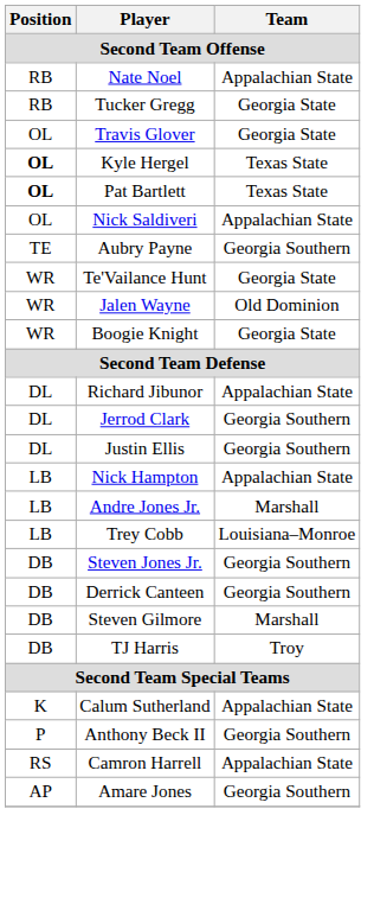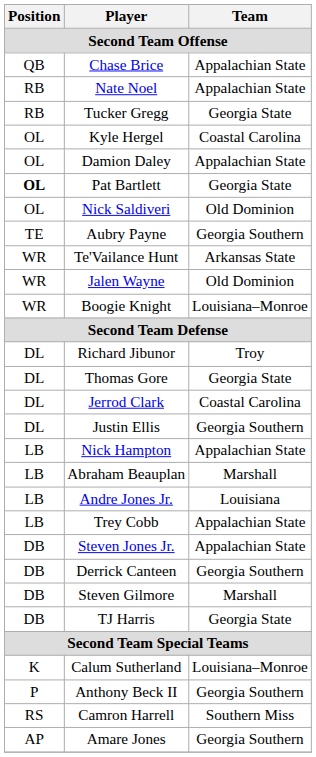 <table class="wikitable" border="0" style="text-align:center;">
 <tr>
 <th>Position</th>
 <th>Player</th>
 <th>Team</th>
 </tr>
 <tr>
 <td colspan="3" style="text-align:center; background:#ddd;"><strong>Second Team Offense </strong></td>
+</tr>
+<tr>
+<td style="background:white">QB</td>
+<td style="background:white"><a href='#'>Chase Brice</a></td>
+<td style="background:white">Appalachian State</td>
 </tr>
 <tr>
 <td style="background:white">RB</td>
 <td style="background:white"><a href='#'>Nate Noel</a></td>
 <td style="background:white">Appalachian State</td>
 </tr>
 <tr>
 <td style="background:white">RB</td>
 <td style="background:white">Tucker Gregg</td>
 <td style="background:white">Georgia State</td>
 </tr>
 <tr>
 <td style="background:white">OL</td>
-<td style="background:white"><a href='#'>Travis Glover</a></td>
-<td style="background:white">Georgia State</td>
+<td style="background:white">Kyle Hergel</td>
+<td style="background:white">Coastal Carolina</td>
 </tr>
 <tr>
-<td style="background:white"><strong>OL</strong></td>
-<td style="background:white">Kyle Hergel</td>
-<td style="background:white">Texas State</td>
+<td style="background:white">OL</td>
+<td style="background:white">Damion Daley</td>
+<td style="background:white">Appalachian State</td>
 </tr>
 <tr>
 <td style="background:white"><strong>OL</strong></td>
 <td style="background:white">Pat Bartlett</td>
-<td style="background:white">Texas State</td>
+<td style="background:white">Georgia State</td>
 </tr>
 <tr>
 <td style="background:white">OL</td>
 <td style="background:white"><a href='#'>Nick Saldiveri</a></td>
-<td style="background:white">Appalachian State</td>
+<td style="background:white">Old Dominion</td>
 </tr>
 <tr>
 <td style="background:white">TE</td>
 <td style="background:white">Aubry Payne</td>
 <td style="background:white">Georgia Southern</td>
 </tr>
 <tr>
 <td style="background:white">WR</td>
 <td style="background:white">Te'Vailance Hunt</td>
-<td style="background:white">Georgia State</td>
+<td style="background:white">Arkansas State</td>
 </tr>
 <tr>
 <td style="background:white">WR</td>
 <td style="background:white"><a href='#'>Jalen Wayne</a></td>
 <td style="background:white">Old Dominion</td>
 </tr>
 <tr>
 <td style="background:white">WR</td>
 <td style="background:white">Boogie Knight</td>
-<td style="background:white">Georgia State</td>
+<td style="background:white">Louisiana–Monroe</td>
 </tr>
 <tr>
 <td colspan="3" style="text-align:center; background:#ddd;"><strong>Second Team Defense </strong></td>
 </tr>
 <tr>
 <td style="background:white">DL</td>
 <td style="background:white">Richard Jibunor</td>
-<td style="background:white">Appalachian State</td>
+<td style="background:white">Troy</td>
+</tr>
+<tr>
+<td style="background:white">DL</td>
+<td style="background:white">Thomas Gore</td>
+<td style="background:white">Georgia State</td>
 </tr>
 <tr>
 <td style="background:white">DL</td>
 <td style="background:white"><a href='#'>Jerrod Clark</a></td>
-<td style="background:white">Georgia Southern</td>
+<td style="background:white">Coastal Carolina</td>
 </tr>
 <tr>
 <td style="background:white">DL</td>
 <td style="background:white">Justin Ellis</td>
 <td style="background:white">Georgia Southern</td>
 </tr>
 <tr>
 <td style="background:white">LB</td>
 <td style="background:white"><a href='#'>Nick Hampton</a></td>
 <td style="background:white">Appalachian State</td>
 </tr>
 <tr>
 <td style="background:white">LB</td>
-<td style="background:white"><a href='#'>Andre Jones Jr.</a></td>
+<td style="background:white">Abraham Beauplan</td>
 <td style="background:white">Marshall</td>
 </tr>
 <tr>
 <td style="background:white">LB</td>
+<td style="background:white"><a href='#'>Andre Jones Jr.</a></td>
+<td style="background:white">Louisiana</td>
+</tr>
+<tr>
+<td style="background:white">LB</td>
 <td style="background:white">Trey Cobb</td>
-<td style="background:white">Louisiana–Monroe</td>
+<td style="background:white">Appalachian State</td>
 </tr>
 <tr>
 <td style="background:white">DB</td>
 <td style="background:white"><a href='#'>Steven Jones Jr.</a></td>
-<td style="background:white">Georgia Southern</td>
+<td style="background:white">Appalachian State</td>
 </tr>
 <tr>
 <td style="background:white">DB</td>
 <td style="background:white">Derrick Canteen</td>
 <td style="background:white">Georgia Southern</td>
 </tr>
 <tr>
 <td style="background:white">DB</td>
 <td style="background:white">Steven Gilmore</td>
 <td style="background:white">Marshall</td>
 </tr>
 <tr>
 <td style="background:white">DB</td>
 <td style="background:white">TJ Harris</td>
-<td style="background:white">Troy</td>
+<td style="background:white">Georgia State</td>
 </tr>
 <tr>
 <td colspan="3" style="text-align:center; background:#ddd;"><strong>Second Team Special Teams </strong></td>
 </tr>
 <tr>
 <td style="background:white">K</td>
 <td style="background:white">Calum Sutherland</td>
-<td style="background:white">Appalachian State</td>
+<td style="background:white">Louisiana–Monroe</td>
 </tr>
 <tr>
 <td style="background:white">P</td>
 <td style="background:white">Anthony Beck II</td>
 <td style="background:white">Georgia Southern</td>
 </tr>
 <tr>
 <td style="background:white">RS</td>
 <td style="background:white">Camron Harrell</td>
-<td style="background:white">Appalachian State</td>
+<td style="background:white">Southern Miss</td>
 </tr>
 <tr>
 <td style="background:white">AP</td>
 <td style="background:white">Amare Jones</td>
 <td style="background:white">Georgia Southern</td>
 </tr>
 <tr>
 </tr>
 </table>
